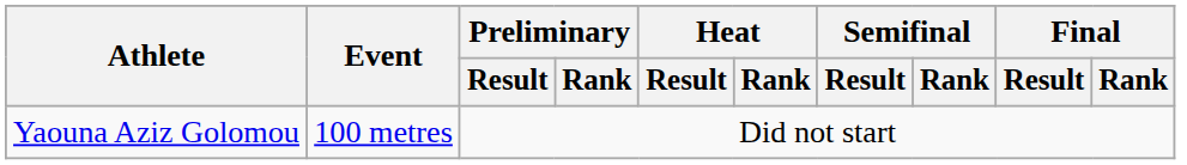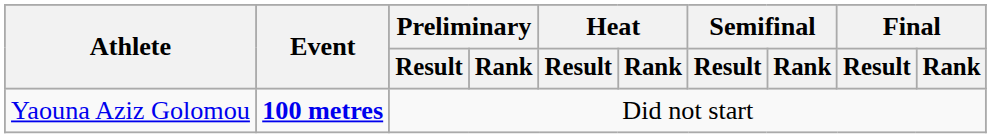 <table class="wikitable" style="font-size:90%">
 <tr>
 <th rowspan="2">Athlete</th>
 <th rowspan="2">Event</th>
 <th colspan="2">Preliminary</th>
 <th colspan="2">Heat</th>
 <th colspan="2">Semifinal</th>
 <th colspan="2">Final</th>
 </tr>
 <tr style="font-size:95%">
 <th>Result</th>
 <th>Rank</th>
 <th>Result</th>
 <th>Rank</th>
 <th>Result</th>
 <th>Rank</th>
 <th>Result</th>
 <th>Rank</th>
 </tr>
 <tr align=center>
 <td align=left><a href='#'>Yaouna Aziz Golomou</a></td>
-<td align=left><a href='#'>100 metres</a></td>
+<td align=left><strong><a href='#'>100 metres</a></strong></td>
 <td colspan=8>Did not start</td>
 </tr>
 </table>
